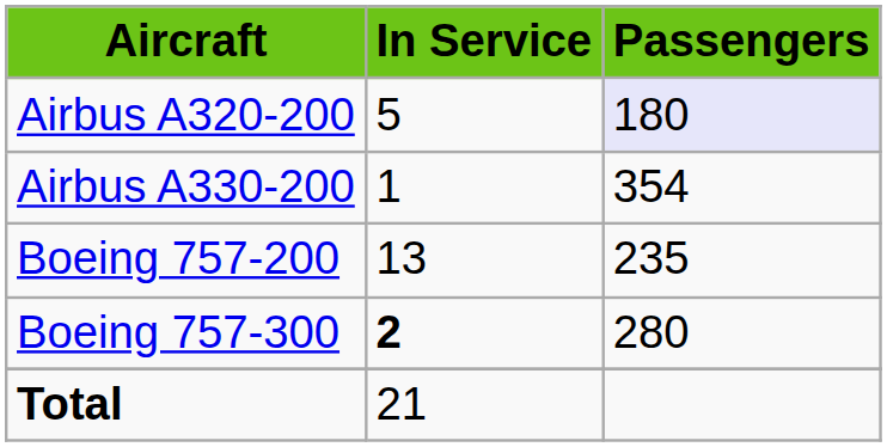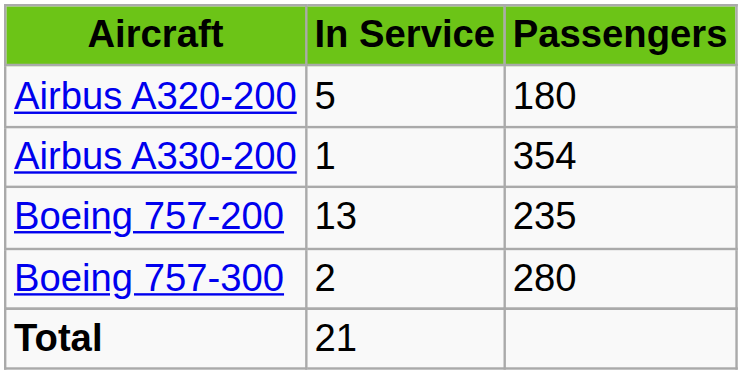 <table class="wikitable" border="1">
 <tr>
 <th style="background-color:#6CC417;"><span> Aircraft</span></th>
 <th style="background-color:#6CC417;"><span>In Service</span></th>
 <th style="background-color:#6CC417;"><span> Passengers</span></th>
 </tr>
 <tr>
 <td><a href='#'>Airbus A320-200</a></td>
 <td>5</td>
-<td style="background: lavender;">180</td>
+<td>180</td>
 </tr>
 <tr>
 <td><a href='#'>Airbus A330-200</a></td>
 <td>1</td>
 <td>354</td>
 </tr>
 <tr>
 <td><a href='#'>Boeing 757-200</a></td>
 <td>13</td>
 <td>235</td>
 </tr>
 <tr>
 <td><a href='#'>Boeing 757-300</a></td>
-<td><strong>2</strong></td>
+<td>2</td>
 <td>280</td>
 </tr>
 <tr>
 </tr>
 <tr>
 <td><strong>Total</strong></td>
 <td>21</td>
 <td></td>
 </tr>
 </table>
